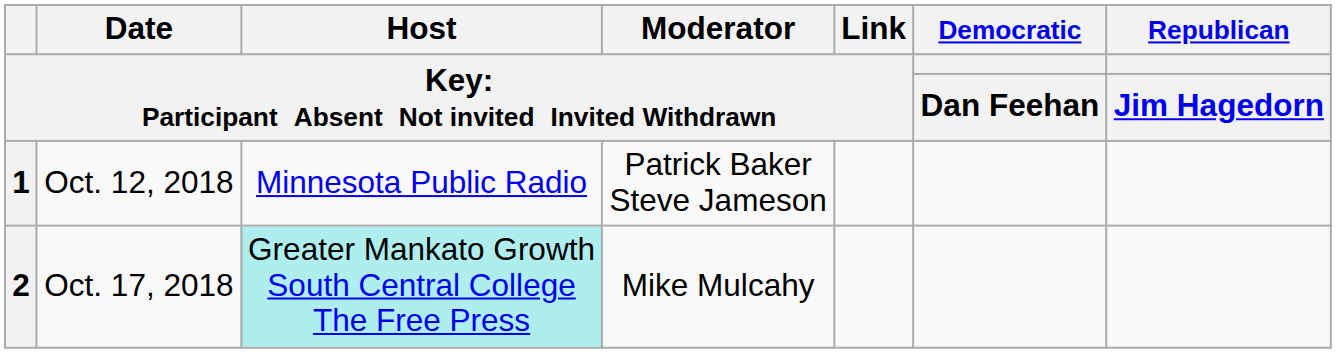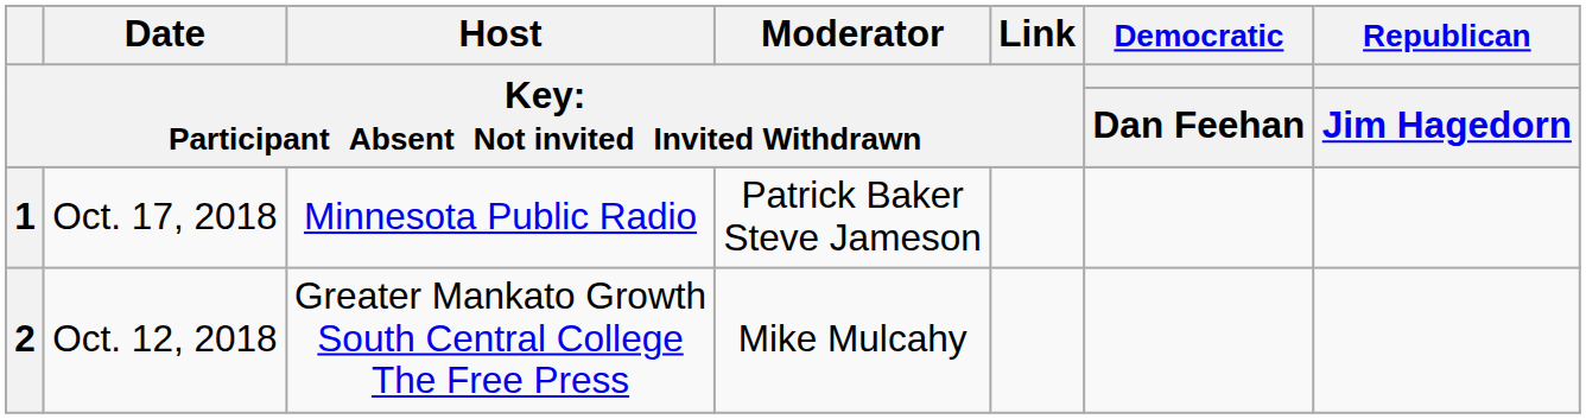 <table class="wikitable" style="text-align:center;">
 <tr>
 <th scope="col"></th>
 <th scope="col">Date</th>
 <th scope="col">Host</th>
 <th scope="col">Moderator</th>
 <th scope="col">Link</th>
 <th scope="col"><small><a href='#'>Democratic</a></small></th>
 <th scope="col"><small><a href='#'>Republican</a></small></th>
 </tr>
 <tr>
 <th colspan="5" rowspan="2">Key:<br> <small>Participant </small>  <small>Absent </small>  <small>Not invited </small>  <small>Invited  Withdrawn</small></th>
 <th scope="col" style="background:"></th>
 <th scope="col" style="background:"></th>
 </tr>
 <tr>
 <th scope="col">Dan Feehan</th>
 <th scope="col"><a href='#'>Jim Hagedorn</a></th>
 </tr>
 <tr>
 <th>1</th>
-<td style="white-space:nowrap;">Oct. 12, 2018</td>
+<td style="white-space:nowrap;">Oct. 17, 2018</td>
 <td style="white-space:nowrap;"><a href='#'>Minnesota Public Radio</a></td>
 <td style="white-space:nowrap;">Patrick Baker<br>Steve Jameson</td>
 <td style="white-space:nowrap;"></td>
 <td></td>
 <td></td>
 </tr>
 <tr>
 <th>2</th>
-<td style="white-space:nowrap;">Oct. 17, 2018</td>
-<td style="background: paleturquoise; white-space:nowrap;">Greater Mankato Growth<br><a href='#'>South Central College</a><br><a href='#'>The Free Press</a></td>
+<td style="white-space:nowrap;">Oct. 12, 2018</td>
+<td style="white-space:nowrap;">Greater Mankato Growth<br><a href='#'>South Central College</a><br><a href='#'>The Free Press</a></td>
 <td style="white-space:nowrap;">Mike Mulcahy</td>
 <td style="white-space:nowrap;"></td>
 <td></td>
 <td></td>
 </tr>
 </table>
